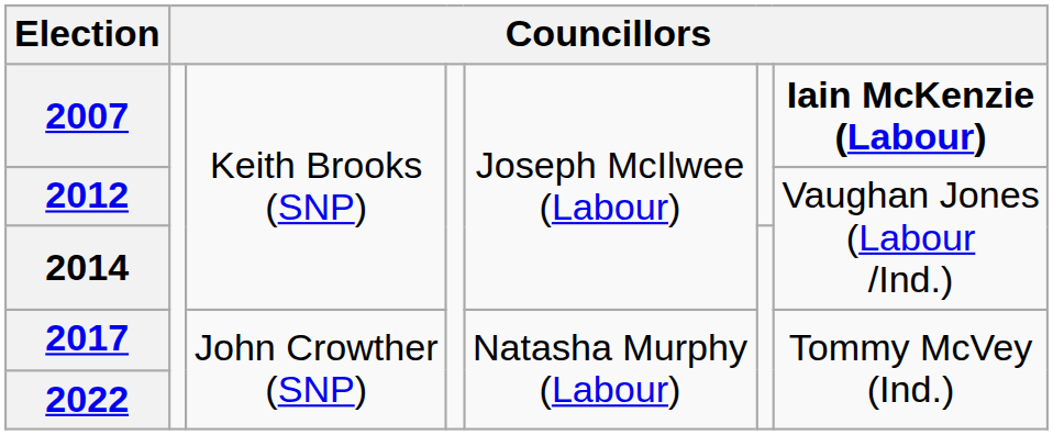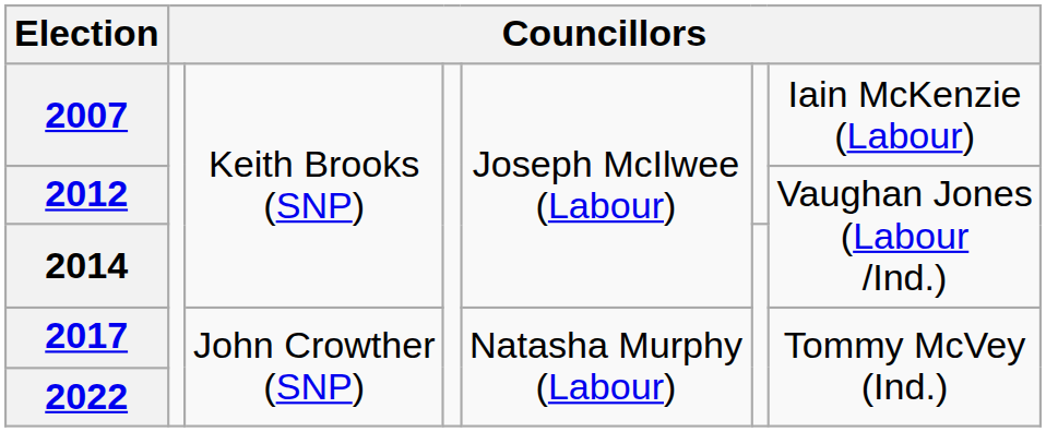 <table class="wikitable" style="text-align:center">
 <tr>
 <th>Election</th>
 <th colspan=8>Councillors</th>
 </tr>
 <tr>
 <th><a href='#'>2007</a></th>
 <td rowspan=5; style="background-color: "></td>
 <td rowspan=3>Keith Brooks<br>(<a href='#'>SNP</a>)</td>
 <td rowspan=5; style="background-color: "></td>
 <td rowspan=3>Joseph McIlwee<br>(<a href='#'>Labour</a>)</td>
 <td rowspan=2; style="background-color: "></td>
-<td rowspan=1><strong>Iain McKenzie<br>(<a href='#'>Labour</a>)</strong></td>
+<td rowspan=1>Iain McKenzie<br>(<a href='#'>Labour</a>)</td>
 </tr>
 <tr>
 <th><a href='#'>2012</a></th>
 <td rowspan=2>Vaughan Jones<br>(<a href='#'>Labour</a><br>/Ind.)</td>
 </tr>
 <tr>
 <th>2014</th>
 <td rowspan=3; style="background-color: "></td>
 </tr>
 <tr>
 <th><a href='#'>2017</a></th>
 <td rowspan=2>John Crowther<br>(<a href='#'>SNP</a>)</td>
 <td rowspan=2>Natasha Murphy<br>(<a href='#'>Labour</a>)</td>
 <td rowspan=2>Tommy McVey<br>(Ind.)</td>
 </tr>
 <tr>
 <th><a href='#'>2022</a></th>
 </tr>
 </table>
